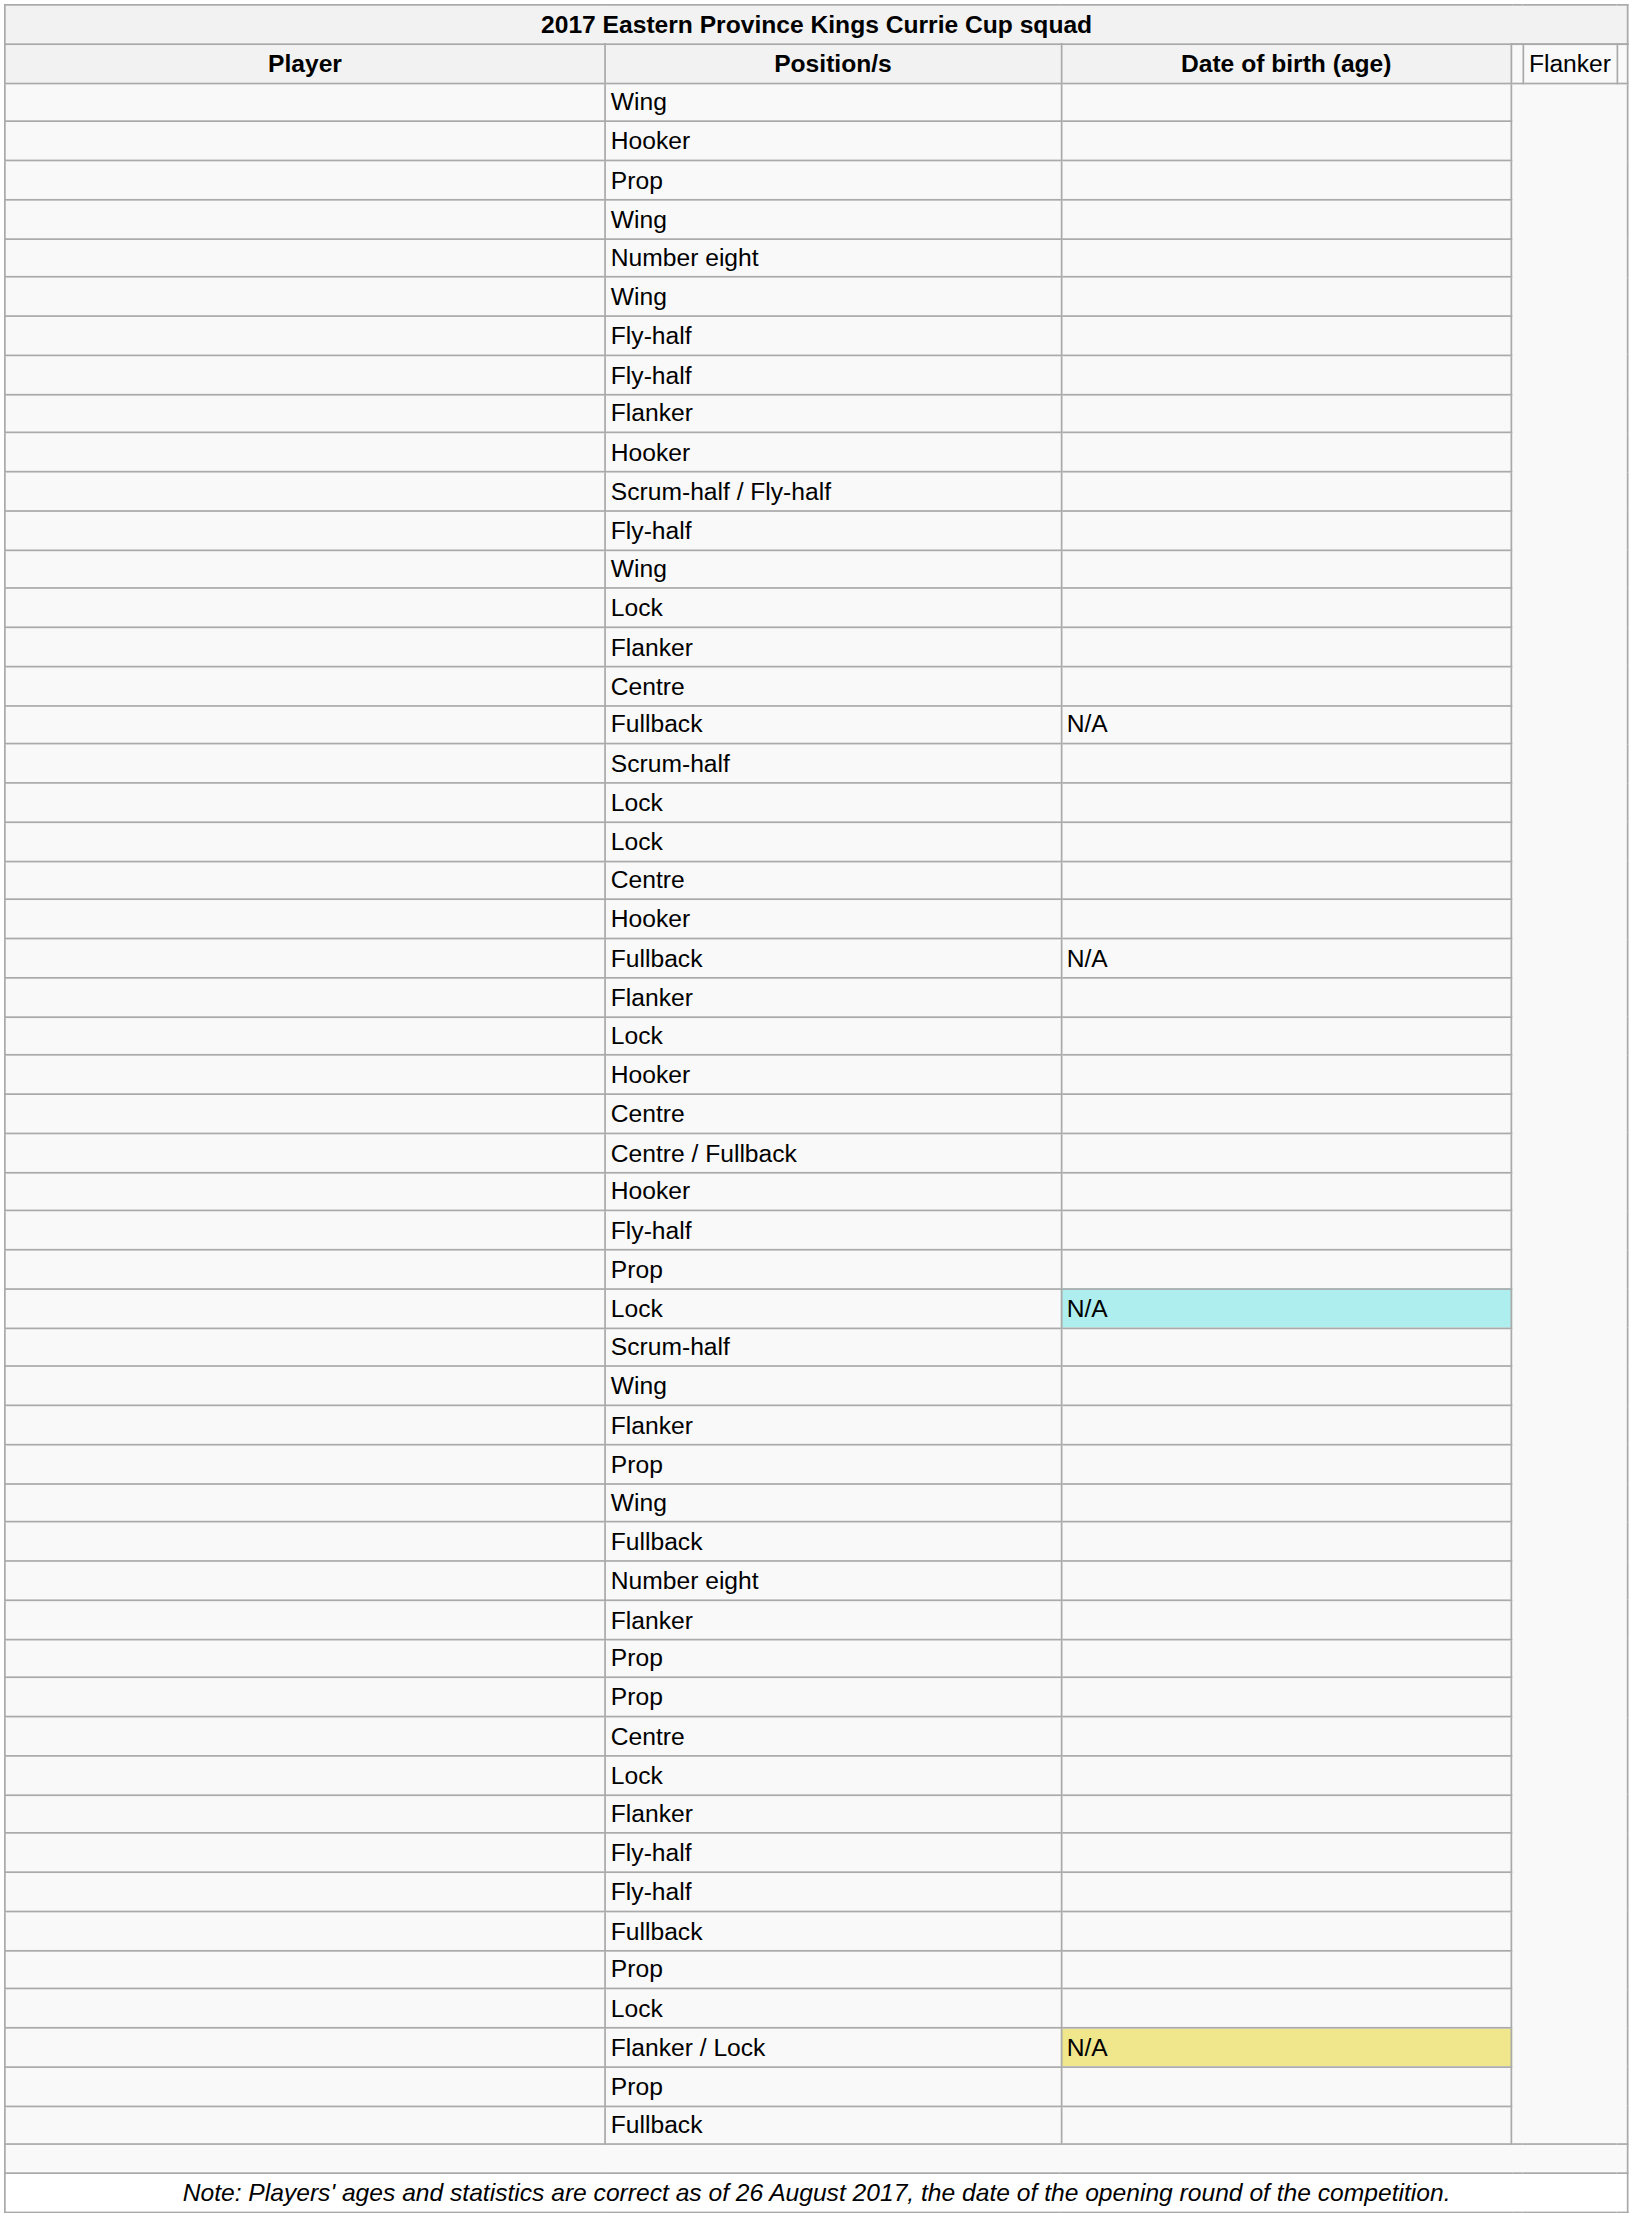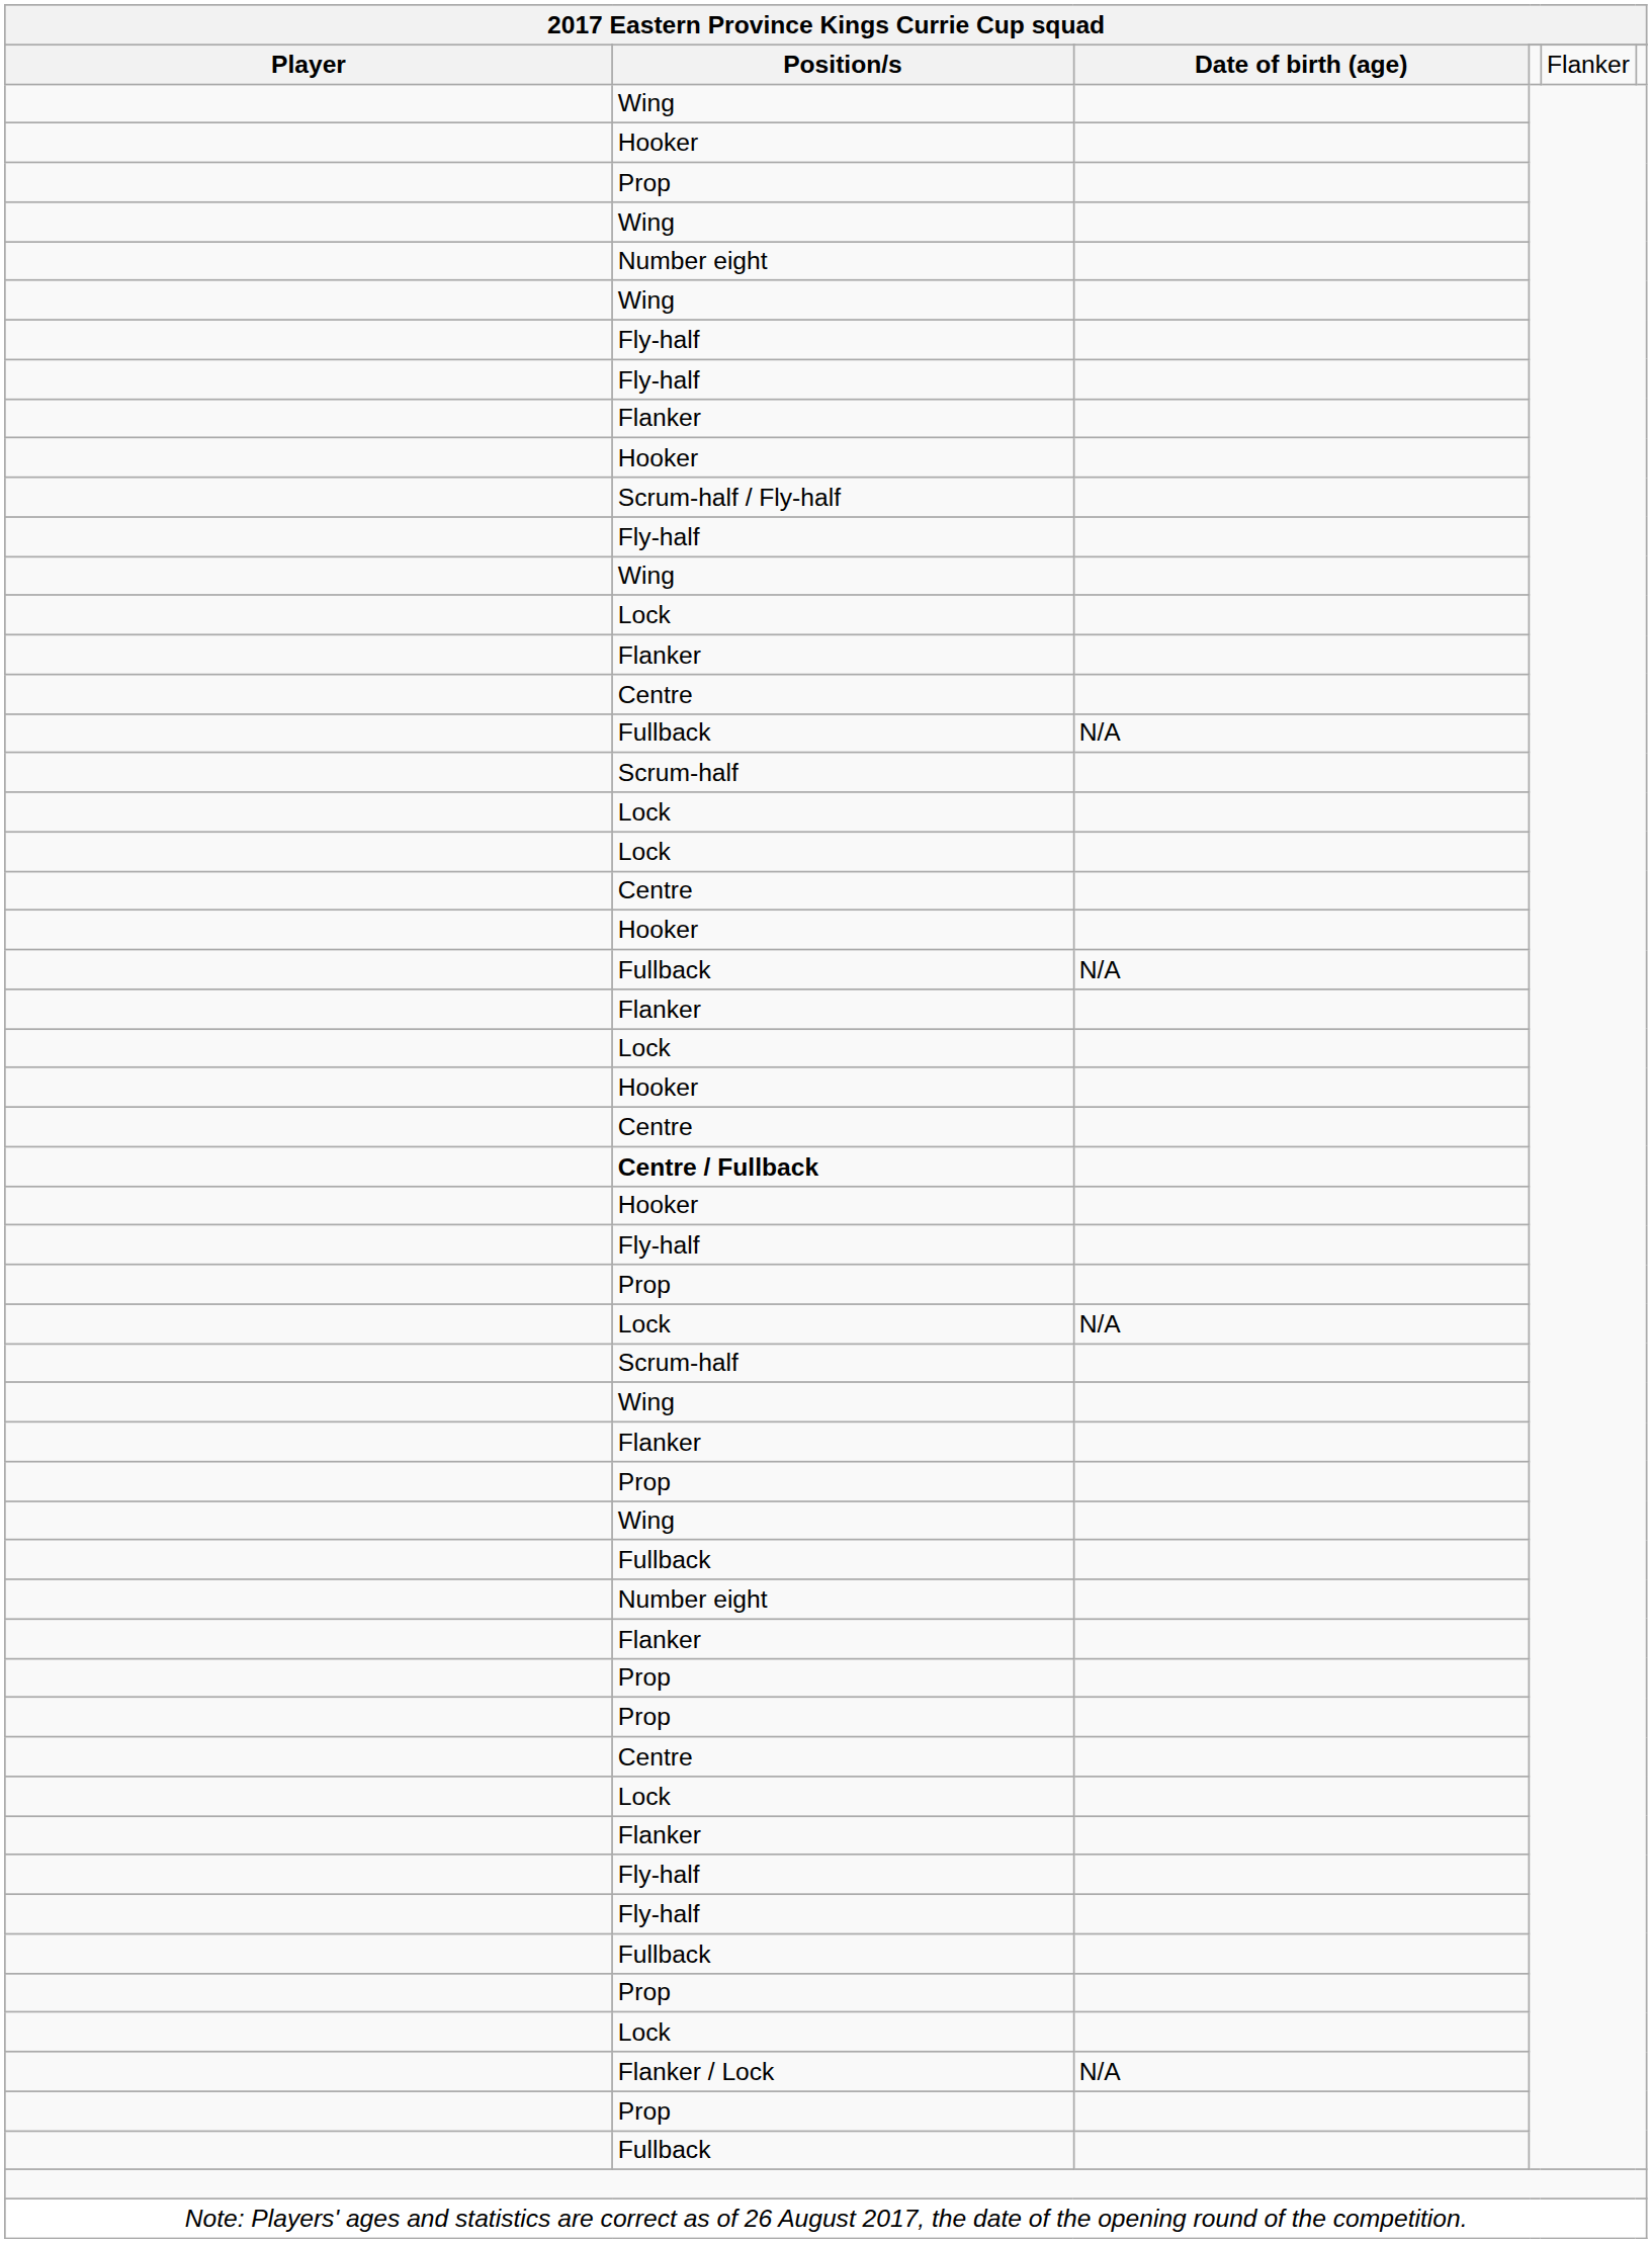 <table class="wikitable sortable" style="text-align:left; font-size:90%; width:60%;">
 <tr>
 <th colspan=100%>2017 Eastern Province Kings Currie Cup squad</th>
 </tr>
 <tr>
 <th style="width:40%;" rowspan=2>Player</th>
 <th style="width:30%;" rowspan=2>Position/s</th>
 <th style="width:30%;" rowspan=2>Date of birth (age)<br></th>
 </tr>
 <tr>
 <td></td>
 <td>Flanker</td>
 <td></td>
 </tr>
 <tr>
 <td></td>
 <td>Wing</td>
 <td></td>
 </tr>
 <tr>
 <td></td>
 <td>Hooker</td>
 <td></td>
 </tr>
 <tr>
 <td></td>
 <td>Prop</td>
 <td></td>
 </tr>
 <tr>
 <td></td>
 <td>Wing</td>
 <td></td>
 </tr>
 <tr>
 <td></td>
 <td>Number eight</td>
 <td></td>
 </tr>
 <tr>
 <td></td>
 <td>Wing</td>
 <td></td>
 </tr>
 <tr>
 <td></td>
 <td>Fly-half</td>
 <td></td>
 </tr>
 <tr>
 <td></td>
 <td>Fly-half</td>
 <td></td>
 </tr>
 <tr>
 <td></td>
 <td>Flanker</td>
 <td></td>
 </tr>
 <tr>
 <td></td>
 <td>Hooker</td>
 <td></td>
 </tr>
 <tr>
 <td></td>
 <td>Scrum-half / Fly-half</td>
 <td></td>
 </tr>
 <tr>
 <td></td>
 <td>Fly-half</td>
 <td></td>
 </tr>
 <tr>
 <td></td>
 <td>Wing</td>
 <td></td>
 </tr>
 <tr>
 <td></td>
 <td>Lock</td>
 <td></td>
 </tr>
 <tr>
 <td></td>
 <td>Flanker</td>
 <td></td>
 </tr>
 <tr>
 <td></td>
 <td>Centre</td>
 <td></td>
 </tr>
 <tr>
 <td></td>
 <td>Fullback</td>
 <td>N/A</td>
 </tr>
 <tr>
 <td></td>
 <td>Scrum-half</td>
 <td></td>
 </tr>
 <tr>
 <td></td>
 <td>Lock</td>
 <td></td>
 </tr>
 <tr>
 <td></td>
 <td>Lock</td>
 <td></td>
 </tr>
 <tr>
 <td></td>
 <td>Centre</td>
 <td></td>
 </tr>
 <tr>
 <td></td>
 <td>Hooker</td>
 <td></td>
 </tr>
 <tr>
 <td></td>
 <td>Fullback</td>
 <td>N/A</td>
 </tr>
 <tr>
 <td></td>
 <td>Flanker</td>
 <td></td>
 </tr>
 <tr>
 <td></td>
 <td>Lock</td>
 <td></td>
 </tr>
 <tr>
 <td></td>
 <td>Hooker</td>
 <td></td>
 </tr>
 <tr>
 <td></td>
 <td>Centre</td>
 <td></td>
 </tr>
 <tr>
 <td></td>
-<td>Centre / Fullback</td>
+<td><strong>Centre / Fullback</strong></td>
 <td></td>
 </tr>
 <tr>
 <td></td>
 <td>Hooker</td>
 <td></td>
 </tr>
 <tr>
 <td></td>
 <td>Fly-half</td>
 <td></td>
 </tr>
 <tr>
 <td></td>
 <td>Prop</td>
 <td></td>
 </tr>
 <tr>
 <td></td>
 <td>Lock</td>
-<td style="background: paleturquoise;">N/A</td>
+<td>N/A</td>
 </tr>
 <tr>
 <td></td>
 <td>Scrum-half</td>
 <td></td>
 </tr>
 <tr>
 <td></td>
 <td>Wing</td>
 <td></td>
 </tr>
 <tr>
 <td></td>
 <td>Flanker</td>
 <td></td>
 </tr>
 <tr>
 <td></td>
 <td>Prop</td>
 <td></td>
 </tr>
 <tr>
 <td></td>
 <td>Wing</td>
 <td></td>
 </tr>
 <tr>
 <td></td>
 <td>Fullback</td>
 <td></td>
 </tr>
 <tr>
 <td></td>
 <td>Number eight</td>
 <td></td>
 </tr>
 <tr>
 <td></td>
 <td>Flanker</td>
 <td></td>
 </tr>
 <tr>
 <td></td>
 <td>Prop</td>
 <td></td>
 </tr>
 <tr>
 <td></td>
 <td>Prop</td>
 <td></td>
 </tr>
 <tr>
 <td></td>
 <td>Centre</td>
 <td></td>
 </tr>
 <tr>
 <td></td>
 <td>Lock</td>
 <td></td>
 </tr>
 <tr>
 <td></td>
 <td>Flanker</td>
 <td></td>
 </tr>
 <tr>
 <td></td>
 <td>Fly-half</td>
 <td></td>
 </tr>
 <tr>
 <td></td>
 <td>Fly-half</td>
 <td></td>
 </tr>
 <tr>
 <td></td>
 <td>Fullback</td>
 <td></td>
 </tr>
 <tr>
 <td></td>
 <td>Prop</td>
 <td></td>
 </tr>
 <tr>
 <td></td>
 <td>Lock</td>
 <td></td>
 </tr>
 <tr>
 <td></td>
 <td>Flanker / Lock</td>
-<td style="background: khaki;">N/A</td>
+<td>N/A</td>
 </tr>
 <tr>
 <td></td>
 <td>Prop</td>
 <td></td>
 </tr>
 <tr>
 <td></td>
 <td>Fullback</td>
 <td></td>
 </tr>
 <tr>
 <td colspan="100%" style="height: 10px;"></td>
 </tr>
 <tr>
 <th colspan="100%" style="background:#FFFFFF; font-weight:normal;"><em>Note: Players' ages and statistics are correct as of 26 August 2017, the date of the opening round of the competition.</em></th>
 </tr>
 </table>
